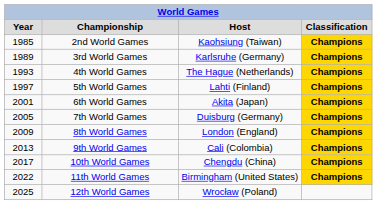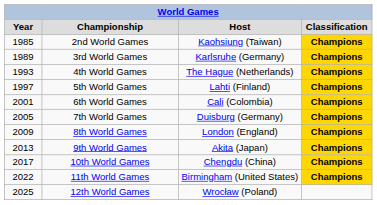 <table class="wikitable" style=font-size:90%>
 <tr align=center style="background:#B0C4DE;">
 <td colspan=4><strong><a href='#'>World Games</a></strong></td>
 </tr>
 <tr align=center bgcolor="#dddddd">
 <td width=50><strong>Year</strong></td>
 <td width=200><strong>Championship</strong></td>
 <td width=180><strong>Host</strong></td>
 <td width=100><strong>Classification</strong></td>
 </tr>
 <tr align=center>
 <td>1985</td>
 <td>2nd World Games</td>
 <td><a href='#'>Kaohsiung</a> (Taiwan)</td>
 <td bgcolor="gold" align="center">  <strong>Champions</strong></td>
 </tr>
 <tr align=center>
 <td>1989</td>
 <td>3rd World Games</td>
 <td><a href='#'>Karlsruhe</a> (Germany)</td>
 <td bgcolor="gold" align="center">  <strong>Champions</strong></td>
 </tr>
 <tr align=center>
 <td>1993</td>
 <td>4th World Games</td>
 <td><a href='#'>The Hague</a> (Netherlands)</td>
 <td bgcolor="gold" align="center">  <strong>Champions</strong></td>
 </tr>
 <tr align=center>
 <td>1997</td>
 <td>5th World Games</td>
 <td><a href='#'>Lahti</a> (Finland)</td>
 <td bgcolor="gold" align="center">  <strong>Champions</strong></td>
 </tr>
 <tr align=center>
 <td>2001</td>
 <td>6th World Games</td>
-<td><a href='#'>Akita</a> (Japan)</td>
+<td><a href='#'>Cali</a> (Colombia)</td>
 <td bgcolor="gold" align="center">  <strong>Champions</strong></td>
 </tr>
 <tr align=center>
 <td>2005</td>
 <td>7th World Games</td>
 <td><a href='#'>Duisburg</a> (Germany)</td>
 <td bgcolor="gold" align="center">  <strong>Champions</strong></td>
 </tr>
 <tr align=center>
 <td>2009</td>
 <td><a href='#'>8th World Games</a></td>
 <td><a href='#'>London</a> (England)</td>
 <td bgcolor="gold" align="center">  <strong>Champions</strong></td>
 </tr>
 <tr align=center>
 <td>2013</td>
 <td><a href='#'>9th World Games</a></td>
-<td><a href='#'>Cali</a> (Colombia)</td>
+<td><a href='#'>Akita</a> (Japan)</td>
 <td bgcolor="gold" align="center"> <strong>Champions</strong></td>
 </tr>
 <tr align=center>
 <td>2017</td>
 <td><a href='#'>10th World Games</a></td>
 <td><a href='#'>Chengdu</a> (China)</td>
 <td bgcolor="gold" align="center"> <strong>Champions</strong></td>
 </tr>
 <tr align=center>
 <td>2022</td>
 <td><a href='#'>11th World Games</a></td>
 <td><a href='#'>Birmingham</a> (United States)</td>
 <td bgcolor="gold" align="center"> <strong>Champions</strong></td>
 </tr>
 <tr align=center>
 <td>2025</td>
 <td><a href='#'>12th World Games</a></td>
 <td><a href='#'>Wrocław</a> (Poland)</td>
 <td></td>
 </tr>
 </table>
